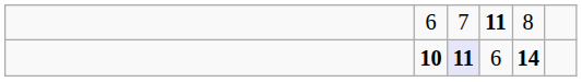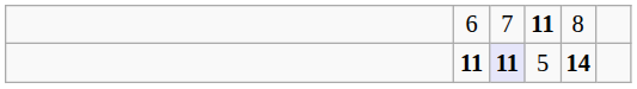 <table class="wikitable">
 <tr>
 <td style="width:18em"></td>
 <td align=center style="width:1em">6</td>
 <td align=center style="width:1em">7</td>
 <td align=center style="width:1em"><strong>11</strong></td>
 <td align=center style="width:1em">8</td>
 <td align=center style="width:1em"></td>
 </tr>
 <tr>
 <td style="width:18em"></td>
-<td align=center style="width:1em"><strong>10</strong></td>
+<td align=center style="width:1em"><strong>11</strong></td>
 <td align=center style="background: lavender; width:1em"><strong>11</strong></td>
-<td align=center style="width:1em">6</td>
+<td align=center style="width:1em">5</td>
 <td align=center style="width:1em"><strong>14</strong></td>
 <td align=center style="width:1em"></td>
 </tr>
 </table>
